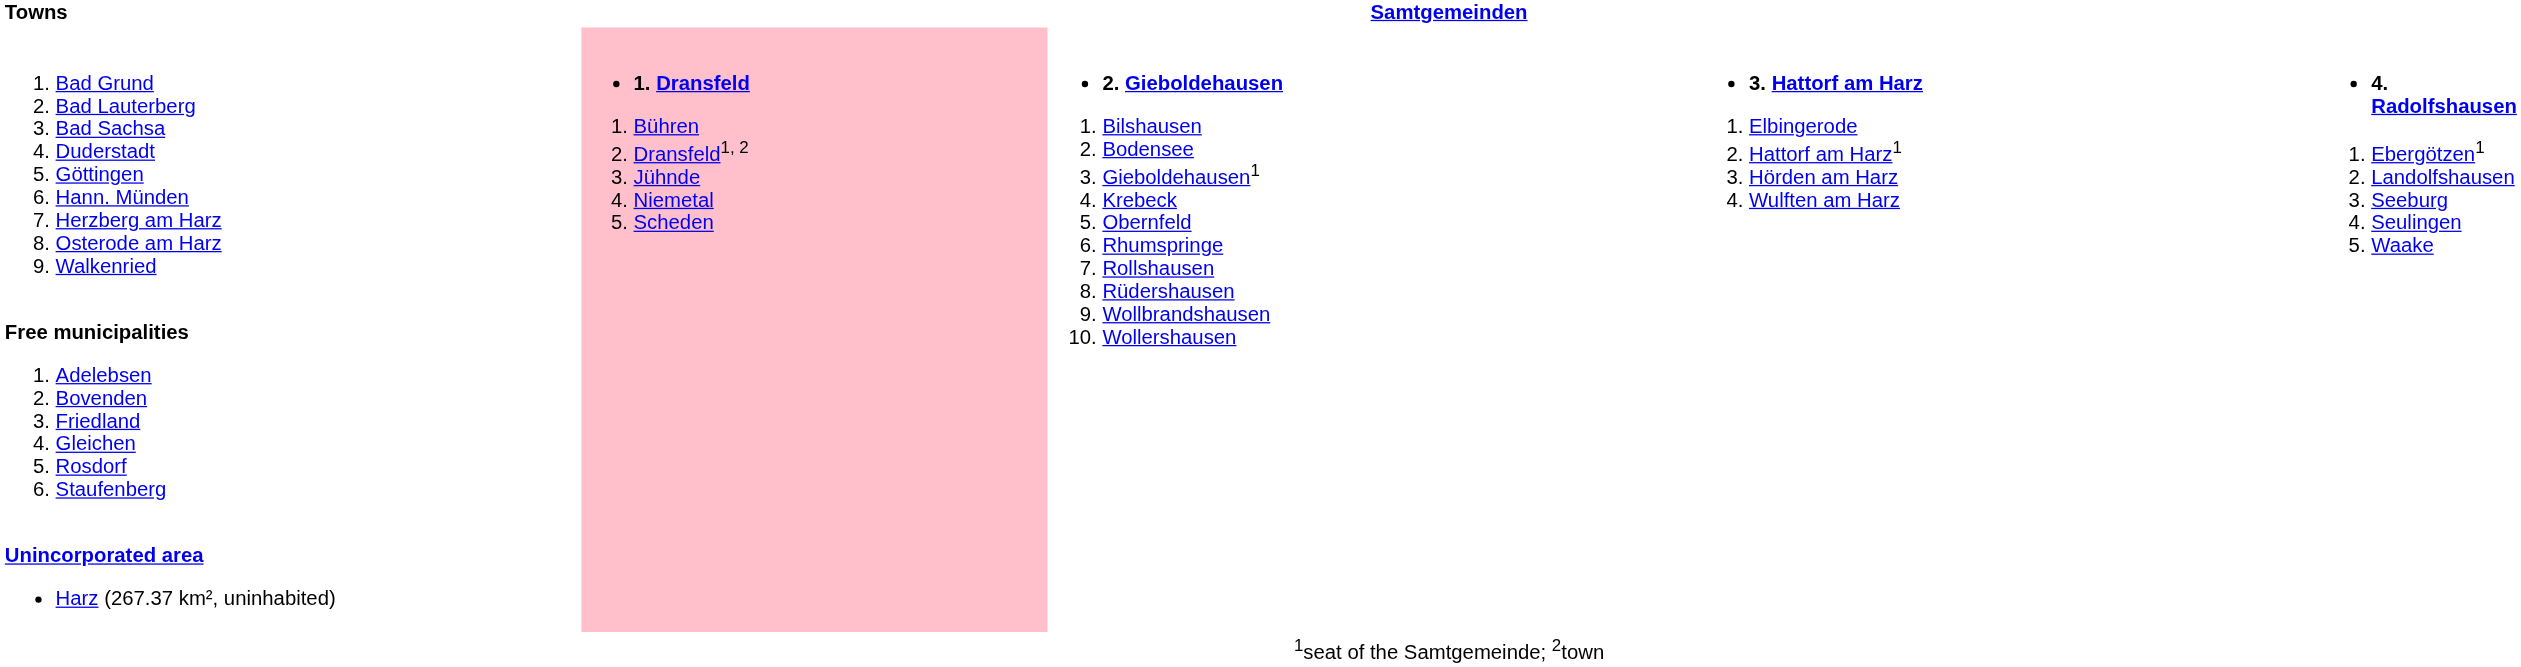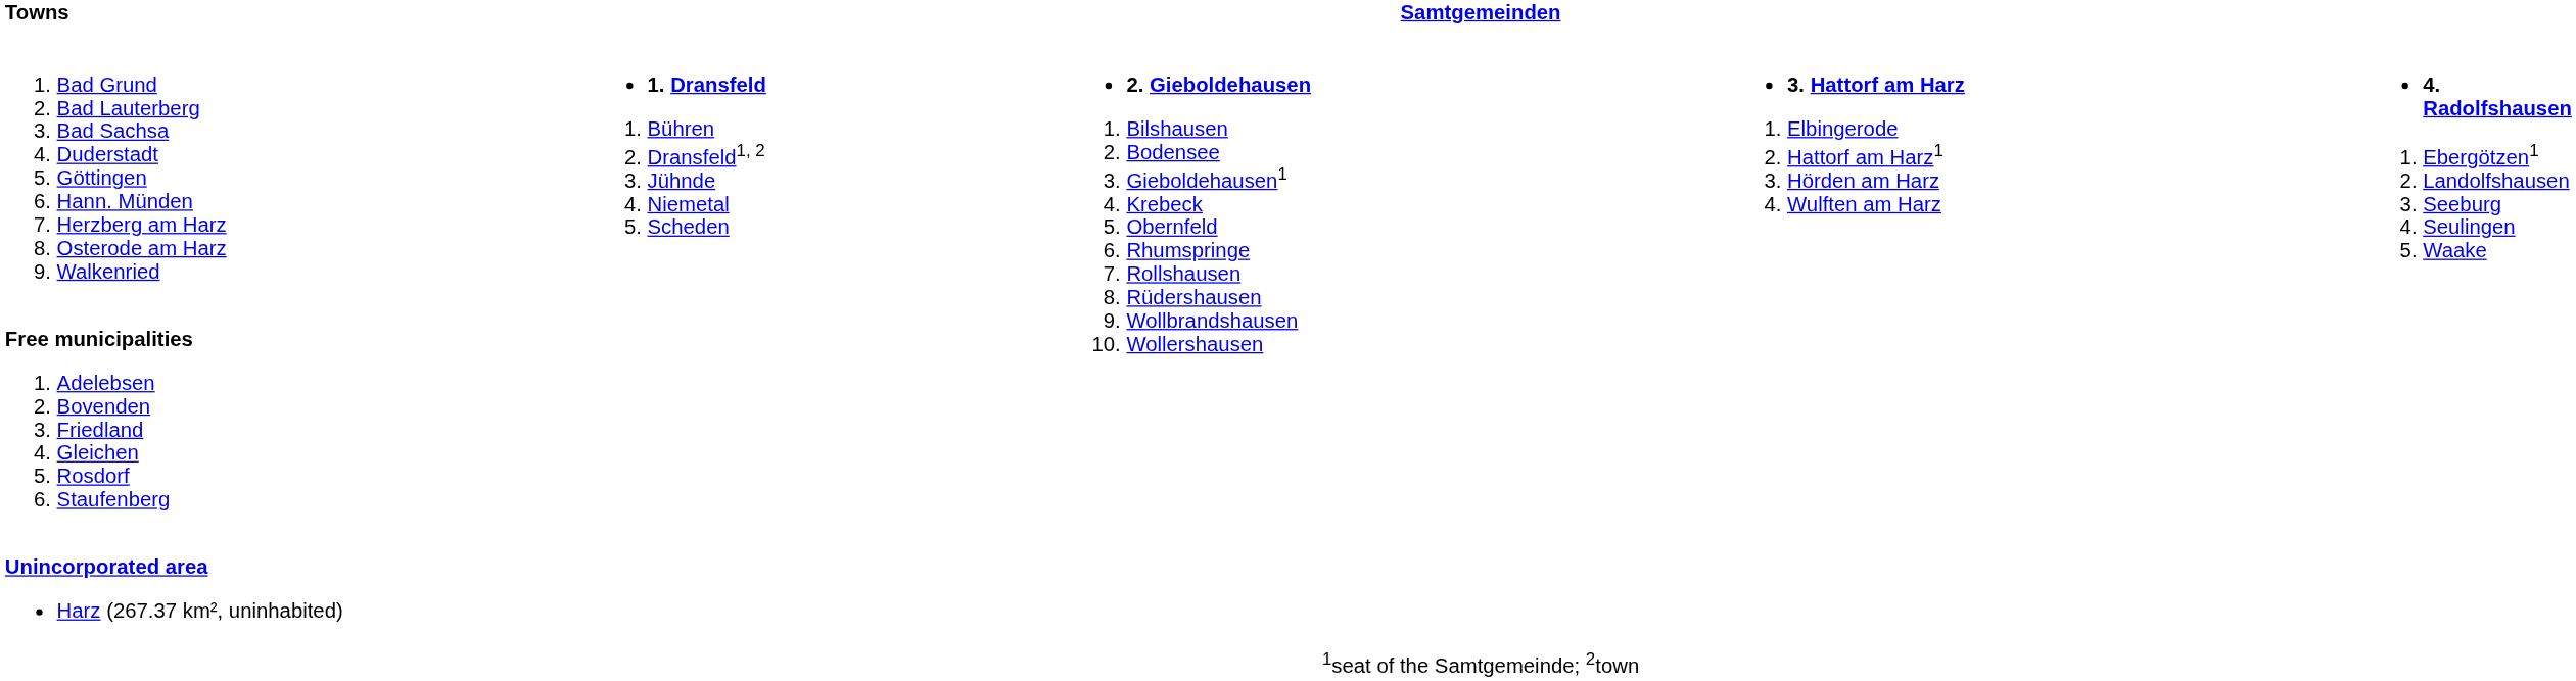 <table>
 <tr>
 <th align=left width=25%>Towns</th>
 <th colspan=3 align=center width=75%><a href='#'>Samtgemeinden</a></th>
 </tr>
 <tr valign=top>
 <td><br><ol><li><a href='#'>Bad Grund</a></li><li><a href='#'>Bad Lauterberg</a></li><li><a href='#'>Bad Sachsa</a></li><li><a href='#'>Duderstadt</a></li><li><a href='#'>Göttingen</a></li><li><a href='#'>Hann. Münden</a></li><li><a href='#'>Herzberg am Harz</a></li><li><a href='#'>Osterode am Harz</a></li><li><a href='#'>Walkenried</a></li></ol><br> <strong>Free municipalities</strong><ol><li><a href='#'>Adelebsen</a></li><li><a href='#'>Bovenden</a></li><li><a href='#'>Friedland</a></li><li><a href='#'>Gleichen</a></li><li><a href='#'>Rosdorf</a></li><li><a href='#'>Staufenberg</a></li></ol><br> <strong><a href='#'>Unincorporated area</a></strong><ul><li><a href='#'>Harz</a> (267.37 km², uninhabited)</li></ul></td>
-<td style="background: pink;"><br><ul><li><strong>1. <a href='#'>Dransfeld</a></strong></li></ul><ol><li><a href='#'>Bühren</a></li><li><a href='#'>Dransfeld</a><sup>1, 2</sup></li><li><a href='#'>Jühnde</a></li><li><a href='#'>Niemetal</a></li><li><a href='#'>Scheden</a></li></ol></td>
+<td><br><ul><li><strong>1. <a href='#'>Dransfeld</a></strong></li></ul><ol><li><a href='#'>Bühren</a></li><li><a href='#'>Dransfeld</a><sup>1, 2</sup></li><li><a href='#'>Jühnde</a></li><li><a href='#'>Niemetal</a></li><li><a href='#'>Scheden</a></li></ol></td>
 <td><br><ul><li><strong>2. <a href='#'>Gieboldehausen</a></strong></li></ul><ol><li><a href='#'>Bilshausen</a></li><li><a href='#'>Bodensee</a></li><li><a href='#'>Gieboldehausen</a><sup>1</sup></li><li><a href='#'>Krebeck</a></li><li><a href='#'>Obernfeld</a></li><li><a href='#'>Rhumspringe</a></li><li><a href='#'>Rollshausen</a></li><li><a href='#'>Rüdershausen</a></li><li><a href='#'>Wollbrandshausen</a></li><li><a href='#'>Wollershausen</a></li></ol></td>
 <td><br><ul><li><strong>3. <a href='#'>Hattorf am Harz</a></strong></li></ul><ol><li><a href='#'>Elbingerode</a></li><li><a href='#'>Hattorf am Harz</a><sup>1</sup></li><li><a href='#'>Hörden am Harz</a></li><li><a href='#'>Wulften am Harz</a></li></ol></td>
 <td><br><ul><li><strong>4. <a href='#'>Radolfshausen</a></strong></li></ul><ol><li><a href='#'>Ebergötzen</a><sup>1</sup></li><li><a href='#'>Landolfshausen</a></li><li><a href='#'>Seeburg</a></li><li><a href='#'>Seulingen</a></li><li><a href='#'>Waake</a></li></ol></td>
 </tr>
 <tr>
 <td></td>
 <td colspan=3 align=center><sup>1</sup>seat of the Samtgemeinde; <sup>2</sup>town</td>
 </tr>
 </table>
